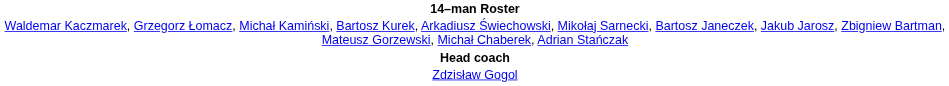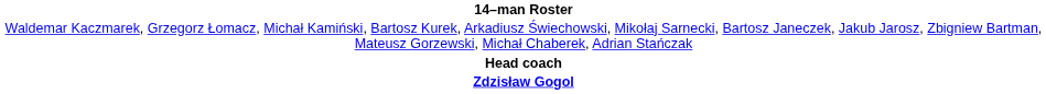 <table style="text-align: center; margin-top: 2em; margin-left: auto; margin-right: auto">
 <tr>
 <td><strong>14–man Roster</strong></td>
 </tr>
 <tr>
 <td><a href='#'>Waldemar Kaczmarek</a>, <a href='#'>Grzegorz Łomacz</a>, <a href='#'>Michał Kamiński</a>, <a href='#'>Bartosz Kurek</a>, <a href='#'>Arkadiusz Świechowski</a>, <a href='#'>Mikołaj Sarnecki</a>, <a href='#'>Bartosz Janeczek</a>, <a href='#'>Jakub Jarosz</a>, <a href='#'>Zbigniew Bartman</a>, <a href='#'>Mateusz Gorzewski</a>, <a href='#'>Michał Chaberek</a>, <a href='#'>Adrian Stańczak</a></td>
 </tr>
 <tr>
 <td><strong>Head coach</strong></td>
 </tr>
 <tr>
-<td><a href='#'>Zdzisław Gogol</a></td>
+<td><strong><a href='#'>Zdzisław Gogol</a></strong></td>
 </tr>
 </table>
